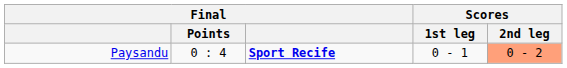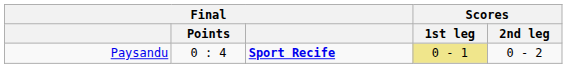 <table class="wikitable" style="text-align:center;">
 <tr>
 <th colspan=3>Final</th>
 <th colspan=3>Scores</th>
 </tr>
 <tr>
 <th width="175"></th>
 <th width="75">Points</th>
 <th width="175"></th>
 <th width="75">1st leg</th>
 <th width="75">2nd leg</th>
 </tr>
 <tr>
 <td align=right><a href='#'>Paysandu</a></td>
 <td>0 : 4</td>
 <td align=left><strong><a href='#'>Sport Recife</a></strong></td>
-<td>0 - 1</td>
-<td style="background: lightsalmon;">0 - 2</td>
+<td style="background: khaki;">0 - 1</td>
+<td>0 - 2</td>
 </tr>
 </table>
